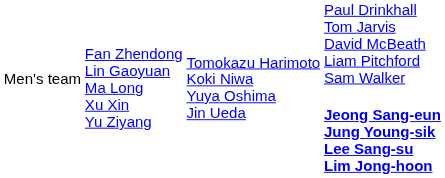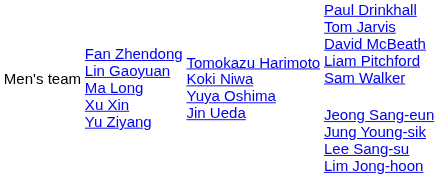 <table>
 <tr>
 <td rowspan=2>Men's team</td>
 <td rowspan=2><br><a href='#'>Fan Zhendong</a><br><a href='#'>Lin Gaoyuan</a><br><a href='#'>Ma Long</a><br><a href='#'>Xu Xin</a><br><a href='#'>Yu Ziyang</a></td>
 <td rowspan=2><br><a href='#'>Tomokazu Harimoto</a><br><a href='#'>Koki Niwa</a><br><a href='#'>Yuya Oshima</a><br><a href='#'>Jin Ueda</a></td>
 <td><br><a href='#'>Paul Drinkhall</a><br><a href='#'>Tom Jarvis</a><br><a href='#'>David McBeath</a><br><a href='#'>Liam Pitchford</a><br><a href='#'>Sam Walker</a></td>
 </tr>
 <tr>
-<td><strong><br><a href='#'>Jeong Sang-eun</a><br><a href='#'>Jung Young-sik</a><br><a href='#'>Lee Sang-su</a><br><a href='#'>Lim Jong-hoon</a></strong></td>
+<td><br><a href='#'>Jeong Sang-eun</a><br><a href='#'>Jung Young-sik</a><br><a href='#'>Lee Sang-su</a><br><a href='#'>Lim Jong-hoon</a></td>
 </tr>
 </table>
